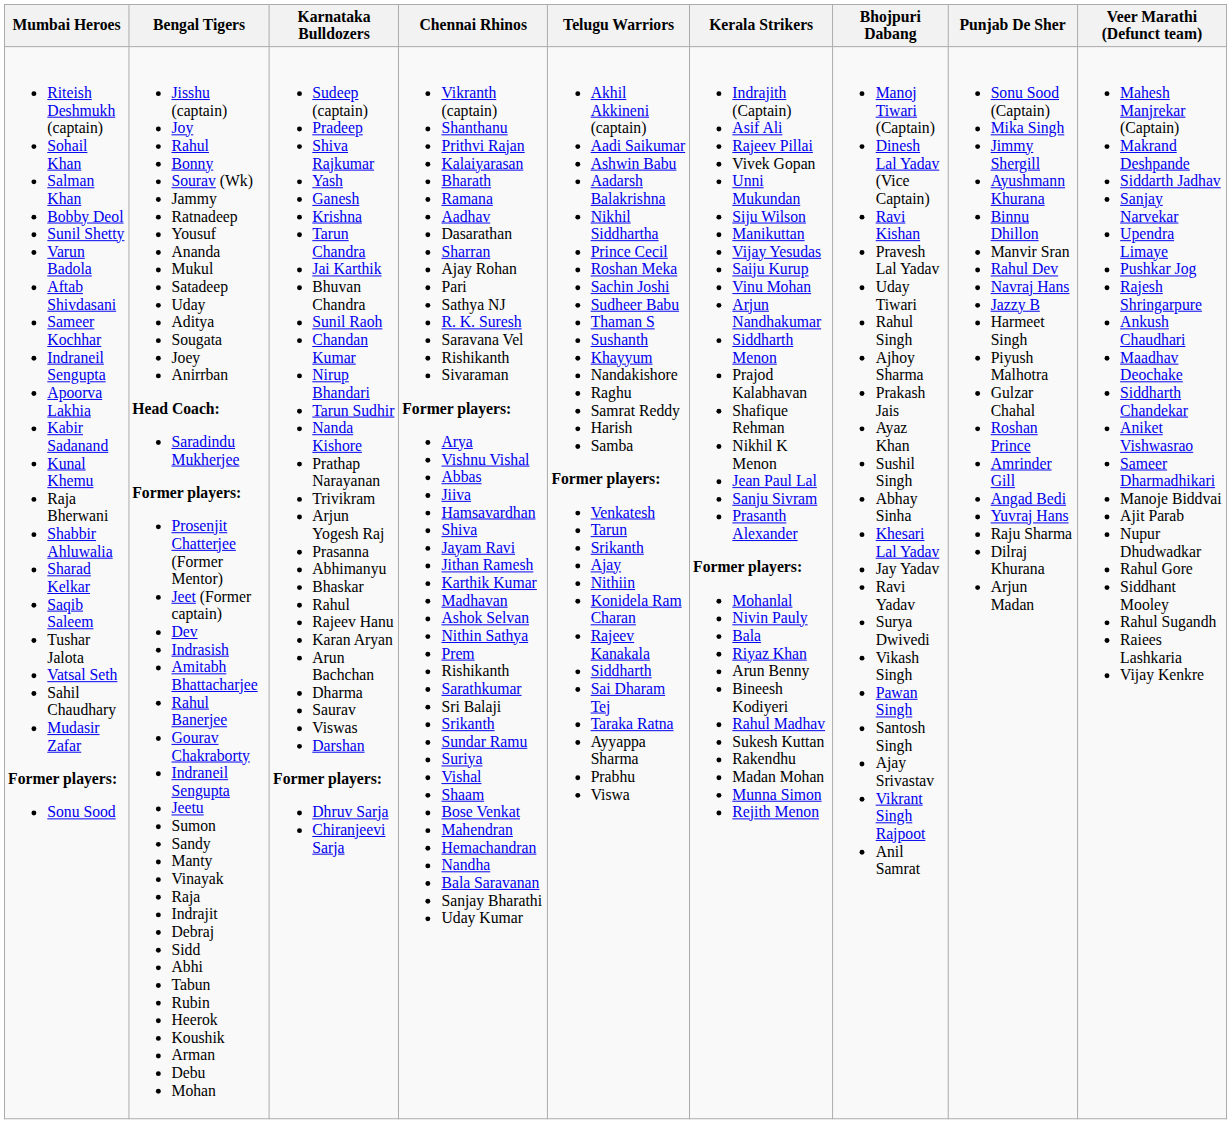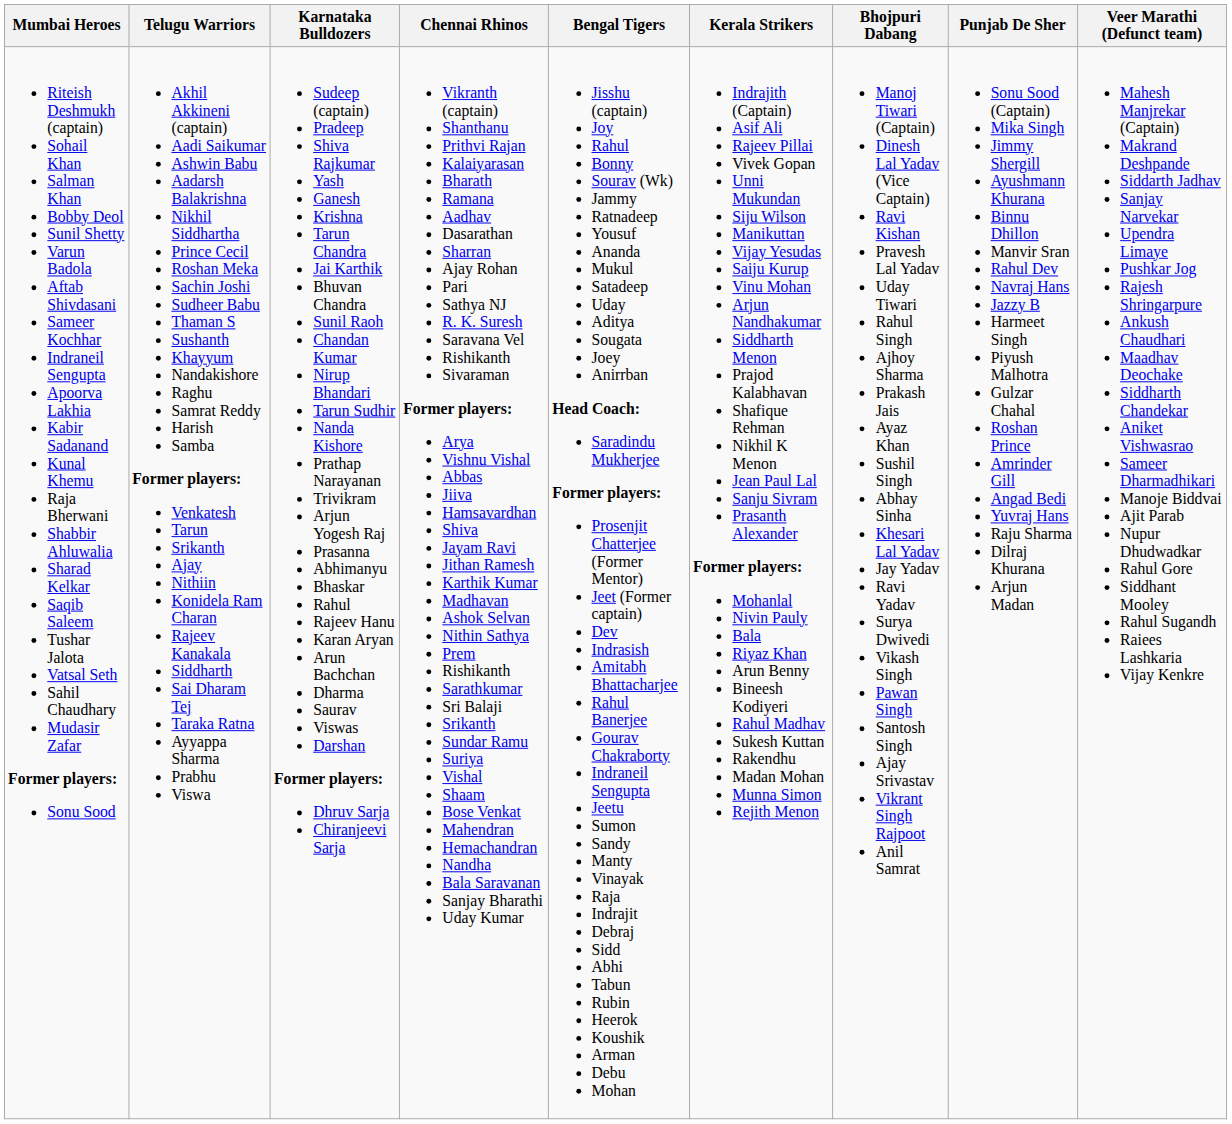 <table class="wikitable">
 <tr>
 <th width="330">Mumbai Heroes</th>
-<th width="330">Bengal Tigers</th>
+<th width=330>Telugu Warriors</th>
 <th width=330>Karnataka Bulldozers</th>
 <th width=330>Chennai Rhinos</th>
-<th width=330>Telugu Warriors</th>
+<th width="330">Bengal Tigers</th>
 <th width=330>Kerala Strikers</th>
 <th width=330>Bhojpuri Dabang</th>
 <th width=330>Punjab De Sher</th>
 <th width=330>Veer Marathi (Defunct team)</th>
 </tr>
 <tr>
 <td valign="top"><br><ul><li><a href='#'>Riteish Deshmukh</a> (captain)</li><li><a href='#'>Sohail Khan</a></li><li><a href='#'>Salman Khan</a></li><li><a href='#'>Bobby Deol</a></li><li><a href='#'>Sunil Shetty</a></li><li><a href='#'>Varun Badola</a></li><li><a href='#'>Aftab Shivdasani</a></li><li><a href='#'>Sameer Kochhar</a></li><li><a href='#'>Indraneil Sengupta</a></li><li><a href='#'>Apoorva Lakhia</a></li><li><a href='#'>Kabir Sadanand</a></li><li><a href='#'>Kunal Khemu</a></li><li>Raja Bherwani</li><li><a href='#'>Shabbir Ahluwalia</a></li><li><a href='#'>Sharad Kelkar</a></li><li><a href='#'>Saqib Saleem</a></li><li>Tushar Jalota</li><li><a href='#'>Vatsal Seth</a></li><li>Sahil Chaudhary</li><li><a href='#'>Mudasir Zafar</a></li></ul><strong>Former players:</strong><ul><li><a href='#'>Sonu Sood</a></li></ul></td>
-<td valign="top"><br><ul><li><a href='#'>Jisshu</a> (captain)</li><li><a href='#'>Joy</a></li><li><a href='#'>Rahul</a></li><li><a href='#'>Bonny</a></li><li><a href='#'>Sourav</a> (Wk)</li><li>Jammy</li><li>Ratnadeep</li><li>Yousuf</li><li>Ananda</li><li>Mukul</li><li>Satadeep</li><li>Uday</li><li>Aditya</li><li>Sougata</li><li>Joey</li><li>Anirrban</li></ul><strong>Head Coach:</strong><ul><li><a href='#'>Saradindu Mukherjee</a></li></ul><strong>Former players:</strong><ul><li><a href='#'>Prosenjit Chatterjee</a> (Former Mentor)</li><li><a href='#'>Jeet</a> (Former captain)</li><li><a href='#'>Dev</a></li><li><a href='#'>Indrasish</a></li><li><a href='#'>Amitabh Bhattacharjee</a></li><li><a href='#'>Rahul Banerjee</a></li><li><a href='#'>Gourav Chakraborty</a></li><li><a href='#'>Indraneil Sengupta</a></li><li><a href='#'>Jeetu</a></li><li>Sumon</li><li>Sandy</li><li>Manty</li><li>Vinayak</li><li>Raja</li><li>Indrajit</li><li>Debraj</li><li>Sidd</li><li>Abhi</li><li>Tabun</li><li>Rubin</li><li>Heerok</li><li>Koushik</li><li>Arman</li><li>Debu</li><li>Mohan</li></ul></td>
+<td valign="top"><br><ul><li><a href='#'>Akhil Akkineni</a> (captain)</li><li><a href='#'>Aadi Saikumar</a></li><li><a href='#'>Ashwin Babu</a></li><li><a href='#'>Aadarsh Balakrishna</a></li><li><a href='#'>Nikhil Siddhartha</a></li><li><a href='#'>Prince Cecil</a></li><li><a href='#'>Roshan Meka</a></li><li><a href='#'>Sachin Joshi</a></li><li><a href='#'>Sudheer Babu</a></li><li><a href='#'>Thaman S</a></li><li><a href='#'>Sushanth</a></li><li><a href='#'>Khayyum</a></li><li>Nandakishore</li><li>Raghu</li><li>Samrat Reddy</li><li>Harish</li><li>Samba</li></ul><strong>Former players:</strong><ul><li><a href='#'>Venkatesh</a></li><li><a href='#'>Tarun</a></li><li><a href='#'>Srikanth</a></li><li><a href='#'>Ajay</a></li><li><a href='#'>Nithiin</a></li><li><a href='#'>Konidela Ram Charan</a></li><li><a href='#'>Rajeev Kanakala</a></li><li><a href='#'>Siddharth</a></li><li><a href='#'>Sai Dharam Tej</a></li><li><a href='#'>Taraka Ratna</a></li><li>Ayyappa Sharma</li><li>Prabhu</li><li>Viswa</li></ul></td>
 <td valign="top"><br><ul><li><a href='#'>Sudeep</a> (captain)</li><li><a href='#'>Pradeep</a></li><li><a href='#'>Shiva Rajkumar</a></li><li><a href='#'>Yash</a></li><li><a href='#'>Ganesh</a></li><li><a href='#'>Krishna</a></li><li><a href='#'>Tarun Chandra</a></li><li><a href='#'>Jai Karthik</a></li><li>Bhuvan Chandra</li><li><a href='#'>Sunil Raoh</a></li><li><a href='#'>Chandan Kumar</a></li><li><a href='#'>Nirup Bhandari</a></li><li><a href='#'>Tarun Sudhir</a></li><li><a href='#'>Nanda Kishore</a></li><li>Prathap Narayanan</li><li>Trivikram</li><li>Arjun Yogesh Raj</li><li>Prasanna</li><li>Abhimanyu</li><li>Bhaskar</li><li>Rahul</li><li>Rajeev Hanu</li><li>Karan Aryan</li><li>Arun Bachchan</li><li>Dharma</li><li>Saurav</li><li>Viswas</li><li><a href='#'>Darshan</a></li></ul><strong>Former players:</strong><ul><li><a href='#'>Dhruv Sarja</a></li><li><a href='#'>Chiranjeevi Sarja</a></li></ul></td>
 <td valign="top"><br><ul><li><a href='#'>Vikranth</a> (captain)</li><li><a href='#'>Shanthanu</a></li><li><a href='#'>Prithvi Rajan</a></li><li><a href='#'>Kalaiyarasan</a></li><li><a href='#'>Bharath</a></li><li><a href='#'>Ramana</a></li><li><a href='#'>Aadhav</a></li><li>Dasarathan</li><li><a href='#'>Sharran</a></li><li>Ajay Rohan</li><li>Pari</li><li>Sathya NJ</li><li><a href='#'>R. K. Suresh</a></li><li>Saravana Vel</li><li>Rishikanth</li><li>Sivaraman</li></ul><strong>Former players:</strong><ul><li><a href='#'>Arya</a></li><li><a href='#'>Vishnu Vishal</a></li><li><a href='#'>Abbas</a></li><li><a href='#'>Jiiva</a></li><li><a href='#'>Hamsavardhan</a></li><li><a href='#'>Shiva</a></li><li><a href='#'>Jayam Ravi</a></li><li><a href='#'>Jithan Ramesh</a></li><li><a href='#'>Karthik Kumar</a></li><li><a href='#'>Madhavan</a></li><li><a href='#'>Ashok Selvan</a></li><li><a href='#'>Nithin Sathya</a></li><li><a href='#'>Prem</a></li><li>Rishikanth</li><li><a href='#'>Sarathkumar</a></li><li>Sri Balaji</li><li><a href='#'>Srikanth</a></li><li><a href='#'>Sundar Ramu</a></li><li><a href='#'>Suriya</a></li><li><a href='#'>Vishal</a></li><li><a href='#'>Shaam</a></li><li><a href='#'>Bose Venkat</a></li><li><a href='#'>Mahendran</a></li><li><a href='#'>Hemachandran</a></li><li><a href='#'>Nandha</a></li><li><a href='#'>Bala Saravanan</a></li><li>Sanjay Bharathi</li><li>Uday Kumar</li></ul></td>
-<td valign="top"><br><ul><li><a href='#'>Akhil Akkineni</a> (captain)</li><li><a href='#'>Aadi Saikumar</a></li><li><a href='#'>Ashwin Babu</a></li><li><a href='#'>Aadarsh Balakrishna</a></li><li><a href='#'>Nikhil Siddhartha</a></li><li><a href='#'>Prince Cecil</a></li><li><a href='#'>Roshan Meka</a></li><li><a href='#'>Sachin Joshi</a></li><li><a href='#'>Sudheer Babu</a></li><li><a href='#'>Thaman S</a></li><li><a href='#'>Sushanth</a></li><li><a href='#'>Khayyum</a></li><li>Nandakishore</li><li>Raghu</li><li>Samrat Reddy</li><li>Harish</li><li>Samba</li></ul><strong>Former players:</strong><ul><li><a href='#'>Venkatesh</a></li><li><a href='#'>Tarun</a></li><li><a href='#'>Srikanth</a></li><li><a href='#'>Ajay</a></li><li><a href='#'>Nithiin</a></li><li><a href='#'>Konidela Ram Charan</a></li><li><a href='#'>Rajeev Kanakala</a></li><li><a href='#'>Siddharth</a></li><li><a href='#'>Sai Dharam Tej</a></li><li><a href='#'>Taraka Ratna</a></li><li>Ayyappa Sharma</li><li>Prabhu</li><li>Viswa</li></ul></td>
+<td valign="top"><br><ul><li><a href='#'>Jisshu</a> (captain)</li><li><a href='#'>Joy</a></li><li><a href='#'>Rahul</a></li><li><a href='#'>Bonny</a></li><li><a href='#'>Sourav</a> (Wk)</li><li>Jammy</li><li>Ratnadeep</li><li>Yousuf</li><li>Ananda</li><li>Mukul</li><li>Satadeep</li><li>Uday</li><li>Aditya</li><li>Sougata</li><li>Joey</li><li>Anirrban</li></ul><strong>Head Coach:</strong><ul><li><a href='#'>Saradindu Mukherjee</a></li></ul><strong>Former players:</strong><ul><li><a href='#'>Prosenjit Chatterjee</a> (Former Mentor)</li><li><a href='#'>Jeet</a> (Former captain)</li><li><a href='#'>Dev</a></li><li><a href='#'>Indrasish</a></li><li><a href='#'>Amitabh Bhattacharjee</a></li><li><a href='#'>Rahul Banerjee</a></li><li><a href='#'>Gourav Chakraborty</a></li><li><a href='#'>Indraneil Sengupta</a></li><li><a href='#'>Jeetu</a></li><li>Sumon</li><li>Sandy</li><li>Manty</li><li>Vinayak</li><li>Raja</li><li>Indrajit</li><li>Debraj</li><li>Sidd</li><li>Abhi</li><li>Tabun</li><li>Rubin</li><li>Heerok</li><li>Koushik</li><li>Arman</li><li>Debu</li><li>Mohan</li></ul></td>
 <td valign="top"><br><ul><li><a href='#'>Indrajith</a> (Captain)</li><li><a href='#'>Asif Ali</a></li><li><a href='#'>Rajeev Pillai</a></li><li>Vivek Gopan</li><li><a href='#'>Unni Mukundan</a></li><li><a href='#'>Siju Wilson</a></li><li><a href='#'>Manikuttan</a></li><li><a href='#'>Vijay Yesudas</a></li><li><a href='#'>Saiju Kurup</a></li><li><a href='#'>Vinu Mohan</a></li><li><a href='#'>Arjun Nandhakumar</a></li><li><a href='#'>Siddharth Menon</a></li><li>Prajod Kalabhavan</li><li>Shafique Rehman</li><li>Nikhil K Menon</li><li><a href='#'>Jean Paul Lal</a></li><li><a href='#'>Sanju Sivram</a></li><li><a href='#'>Prasanth Alexander</a></li></ul><strong>Former players:</strong><ul><li><a href='#'>Mohanlal</a></li><li><a href='#'>Nivin Pauly</a></li><li><a href='#'>Bala</a></li><li><a href='#'>Riyaz Khan</a></li><li>Arun Benny</li><li>Bineesh Kodiyeri</li><li><a href='#'>Rahul Madhav</a></li><li>Sukesh Kuttan</li><li>Rakendhu</li><li>Madan Mohan</li><li><a href='#'>Munna Simon</a></li><li><a href='#'>Rejith Menon</a></li></ul></td>
 <td valign="top"><br><ul><li><a href='#'>Manoj Tiwari</a> (Captain)</li><li><a href='#'>Dinesh Lal Yadav</a> (Vice Captain)</li><li><a href='#'>Ravi Kishan</a></li><li>Pravesh Lal Yadav</li><li>Uday Tiwari</li><li>Rahul Singh</li><li>Ajhoy Sharma</li><li>Prakash Jais</li><li>Ayaz Khan</li><li>Sushil Singh</li><li>Abhay Sinha</li><li><a href='#'>Khesari Lal Yadav</a></li><li>Jay Yadav</li><li>Ravi Yadav</li><li>Surya Dwivedi</li><li>Vikash Singh</li><li><a href='#'>Pawan Singh</a></li><li>Santosh Singh</li><li>Ajay Srivastav</li><li><a href='#'>Vikrant Singh Rajpoot</a></li><li>Anil Samrat</li></ul></td>
 <td valign="top"><br><ul><li><a href='#'>Sonu Sood</a> (Captain)</li><li><a href='#'>Mika Singh</a></li><li><a href='#'>Jimmy Shergill</a></li><li><a href='#'>Ayushmann Khurana</a></li><li><a href='#'>Binnu Dhillon</a></li><li>Manvir Sran</li><li><a href='#'>Rahul Dev</a></li><li><a href='#'>Navraj Hans</a></li><li><a href='#'>Jazzy B</a></li><li>Harmeet Singh</li><li>Piyush Malhotra</li><li>Gulzar Chahal</li><li><a href='#'>Roshan Prince</a></li><li><a href='#'>Amrinder Gill</a></li><li><a href='#'>Angad Bedi</a></li><li><a href='#'>Yuvraj Hans</a></li><li>Raju Sharma</li><li>Dilraj Khurana</li><li>Arjun Madan</li></ul></td>
 <td valign=top><br><ul><li><a href='#'>Mahesh Manjrekar</a> (Captain)</li><li><a href='#'>Makrand Deshpande</a></li><li><a href='#'>Siddarth Jadhav</a></li><li><a href='#'>Sanjay Narvekar</a></li><li><a href='#'>Upendra Limaye</a></li><li><a href='#'>Pushkar Jog</a></li><li><a href='#'>Rajesh Shringarpure</a></li><li><a href='#'>Ankush Chaudhari</a></li><li><a href='#'>Maadhav Deochake</a></li><li><a href='#'>Siddharth Chandekar</a></li><li><a href='#'>Aniket Vishwasrao</a></li><li><a href='#'>Sameer Dharmadhikari</a></li><li>Manoje Biddvai</li><li>Ajit Parab</li><li>Nupur Dhudwadkar</li><li>Rahul Gore</li><li>Siddhant Mooley</li><li>Rahul Sugandh</li><li>Raiees Lashkaria</li><li>Vijay Kenkre</li></ul></td>
 </tr>
 </table>
